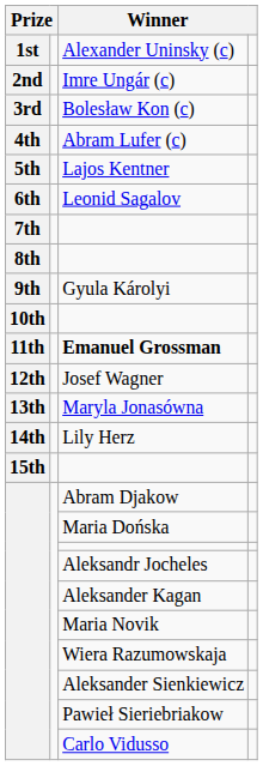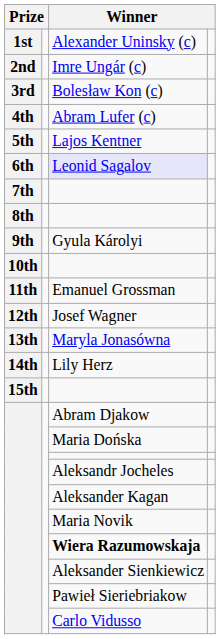 <table class="wikitable">
 <tr>
 <th colspan="2">Prize</th>
 <th colspan="2">Winner</th>
 </tr>
 <tr>
 <th>1st</th>
 <td></td>
 <td><a href='#'>Alexander Uninsky</a> (<a href='#'>c</a>)</td>
 <td></td>
 </tr>
 <tr>
 <th>2nd</th>
 <td></td>
 <td><a href='#'>Imre Ungár</a> (<a href='#'>c</a>)</td>
 <td></td>
 </tr>
 <tr>
 <th>3rd</th>
 <td></td>
 <td><a href='#'>Bolesław Kon</a> (<a href='#'>c</a>)</td>
 <td></td>
 </tr>
 <tr>
 <th>4th</th>
 <td></td>
 <td><a href='#'>Abram Lufer</a> (<a href='#'>c</a>)</td>
 <td></td>
 </tr>
 <tr>
 <th>5th</th>
 <td></td>
 <td><a href='#'>Lajos Kentner</a></td>
 <td></td>
 </tr>
 <tr>
 <th>6th</th>
 <td></td>
-<td><a href='#'>Leonid Sagalov</a></td>
+<td style="background: lavender;"><a href='#'>Leonid Sagalov</a></td>
 <td></td>
 </tr>
 <tr>
 <th>7th</th>
 <td></td>
 <td></td>
 <td></td>
 </tr>
 <tr>
 <th>8th</th>
 <td></td>
 <td></td>
 <td></td>
 </tr>
 <tr>
 <th>9th</th>
 <td></td>
 <td>Gyula Károlyi</td>
 <td></td>
 </tr>
 <tr>
 <th>10th</th>
 <td></td>
 <td></td>
 <td></td>
 </tr>
 <tr>
 <th>11th</th>
 <td></td>
-<td><strong>Emanuel Grossman</strong></td>
+<td>Emanuel Grossman</td>
 <td></td>
 </tr>
 <tr>
 <th>12th</th>
 <td></td>
 <td>Josef Wagner</td>
 <td></td>
 </tr>
 <tr>
 <th>13th</th>
 <td></td>
 <td><a href='#'>Maryla Jonasówna</a></td>
 <td></td>
 </tr>
 <tr>
 <th>14th</th>
 <td></td>
 <td>Lily Herz</td>
 <td></td>
 </tr>
 <tr>
 <th>15th</th>
 <td></td>
 <td></td>
 <td></td>
 </tr>
 <tr>
 <th rowspan="10"></th>
 <td rowspan="10"></td>
 <td>Abram Djakow</td>
 <td></td>
 </tr>
 <tr>
 <td>Maria Dońska</td>
 <td></td>
 </tr>
 <tr>
 <td></td>
 <td></td>
 </tr>
 <tr>
 <td>Aleksandr Jocheles</td>
 <td></td>
 </tr>
 <tr>
 <td>Aleksander Kagan</td>
 <td></td>
 </tr>
 <tr>
 <td>Maria Novik</td>
 <td></td>
 </tr>
 <tr>
-<td>Wiera Razumowskaja</td>
+<td><strong>Wiera Razumowskaja</strong></td>
 <td></td>
 </tr>
 <tr>
 <td>Aleksander Sienkiewicz</td>
 <td></td>
 </tr>
 <tr>
 <td>Pawieł Sieriebriakow</td>
 <td></td>
 </tr>
 <tr>
 <td><a href='#'>Carlo Vidusso</a></td>
 <td></td>
 </tr>
 </table>
